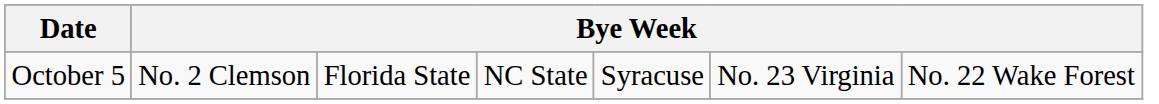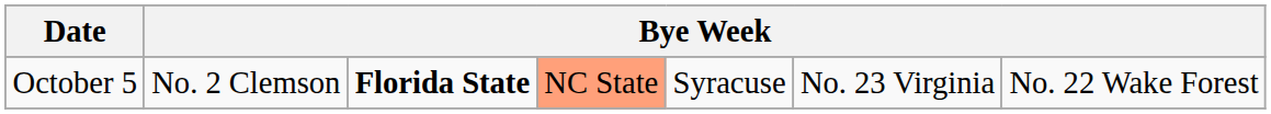 <table class="wikitable" style="font-size:95%;">
 <tr>
 <th>Date</th>
 <th colspan="6">Bye Week</th>
 </tr>
 <tr>
 <td>October 5</td>
 <td>No. 2 Clemson</td>
-<td>Florida State</td>
-<td>NC State</td>
+<td><strong>Florida State</strong></td>
+<td style="background: lightsalmon;">NC State</td>
 <td>Syracuse</td>
 <td>No. 23 Virginia</td>
 <td>No. 22 Wake Forest</td>
 </tr>
 </table>
